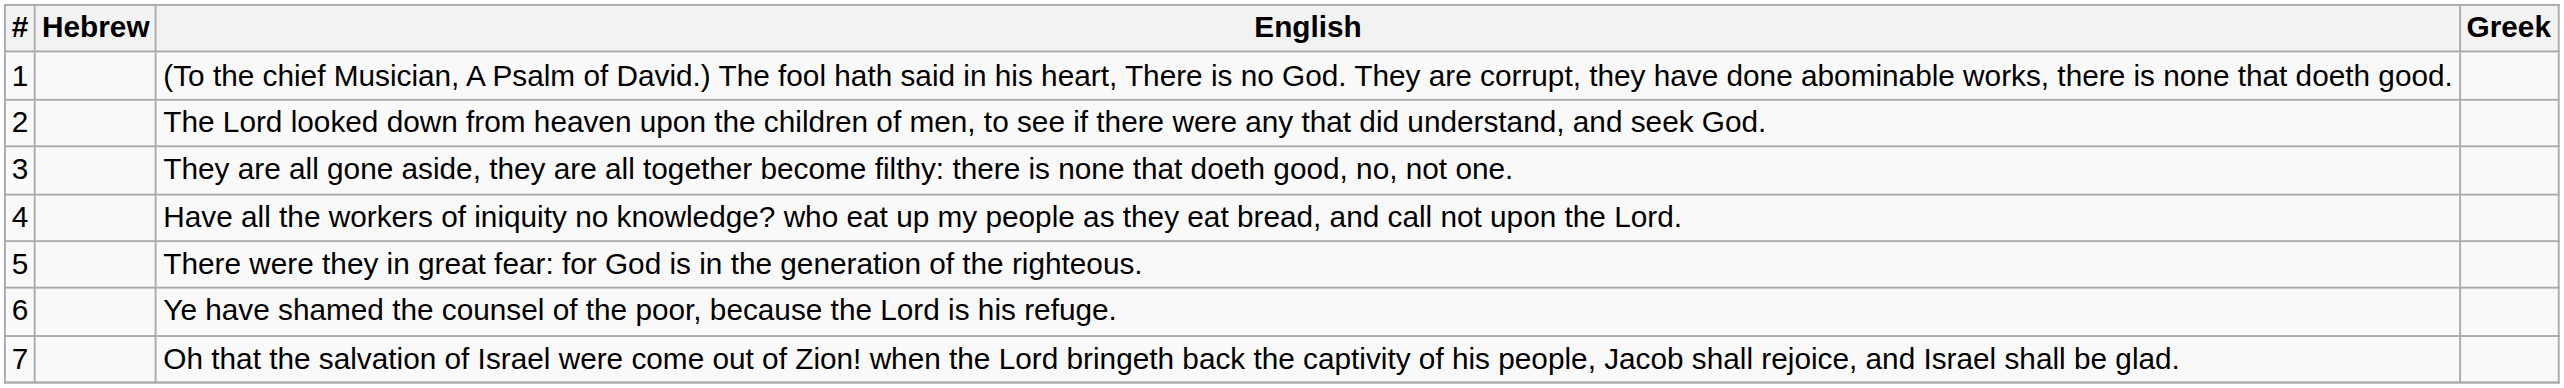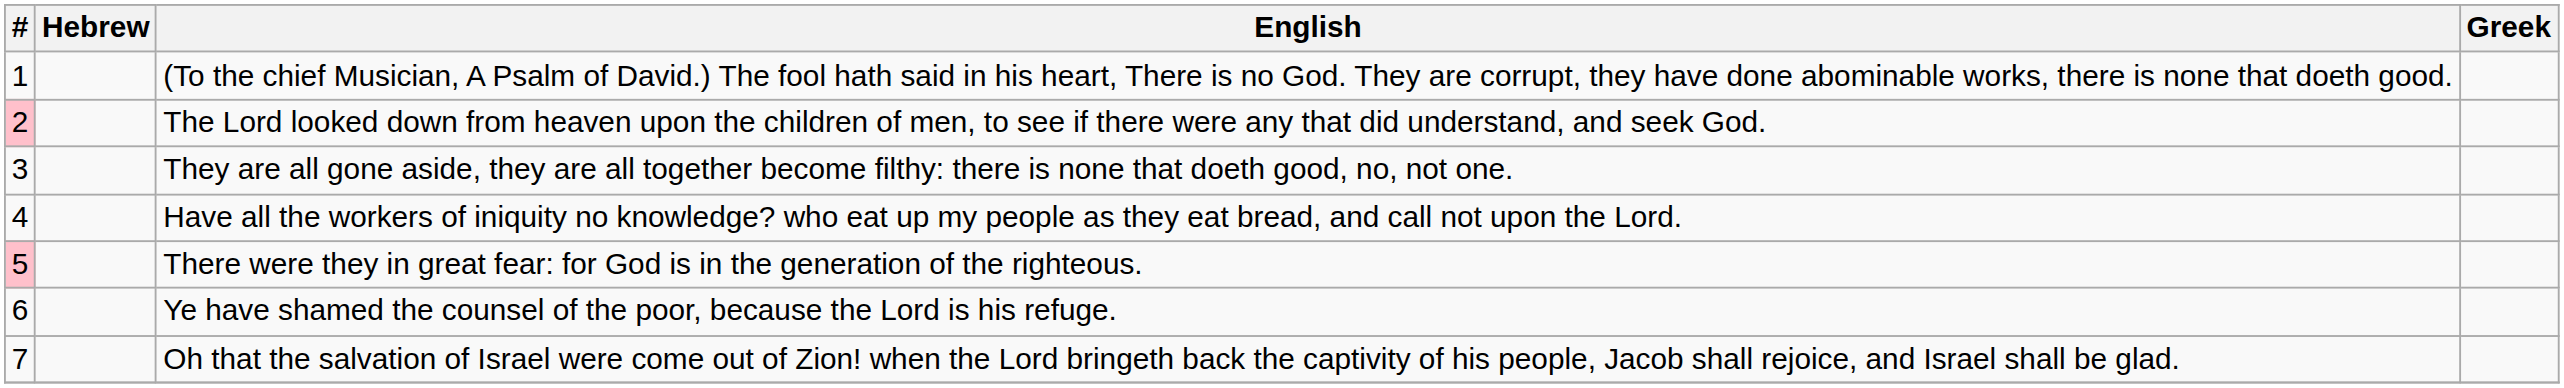 <table class=wikitable>
 <tr>
 <th>#</th>
 <th>Hebrew</th>
 <th>English</th>
 <th>Greek</th>
 </tr>
 <tr>
 <td style="text-align:right">1</td>
 <td style="text-align:right"></td>
 <td>(To the chief Musician, A Psalm of David.) The fool hath said in his heart, There is no God. They are corrupt, they have done abominable works, there is none that doeth good.</td>
 <td></td>
 </tr>
 <tr>
-<td style="text-align:right">2</td>
+<td style="background: pink; text-align:right">2</td>
 <td style="text-align:right"></td>
 <td>The Lord looked down from heaven upon the children of men, to see if there were any that did understand, and seek God.</td>
 <td></td>
 </tr>
 <tr>
 <td style="text-align:right">3</td>
 <td style="text-align:right"></td>
 <td>They are all gone aside, they are all together become filthy: there is none that doeth good, no, not one.</td>
 <td></td>
 </tr>
 <tr>
 <td style="text-align:right">4</td>
 <td style="text-align:right"></td>
 <td>Have all the workers of iniquity no knowledge? who eat up my people as they eat bread, and call not upon the Lord.</td>
 <td></td>
 </tr>
 <tr>
-<td style="text-align:right">5</td>
+<td style="background: pink; text-align:right">5</td>
 <td style="text-align:right"></td>
 <td>There were they in great fear: for God is in the generation of the righteous.</td>
 <td></td>
 </tr>
 <tr>
 <td style="text-align:right">6</td>
 <td style="text-align:right"></td>
 <td>Ye have shamed the counsel of the poor, because the Lord is his refuge.</td>
 <td></td>
 </tr>
 <tr>
 <td style="text-align:right">7</td>
 <td style="text-align:right"></td>
 <td>Oh that the salvation of Israel were come out of Zion! when the Lord bringeth back the captivity of his people, Jacob shall rejoice, and Israel shall be glad.</td>
 <td></td>
 </tr>
 <tr>
 </tr>
 </table>
